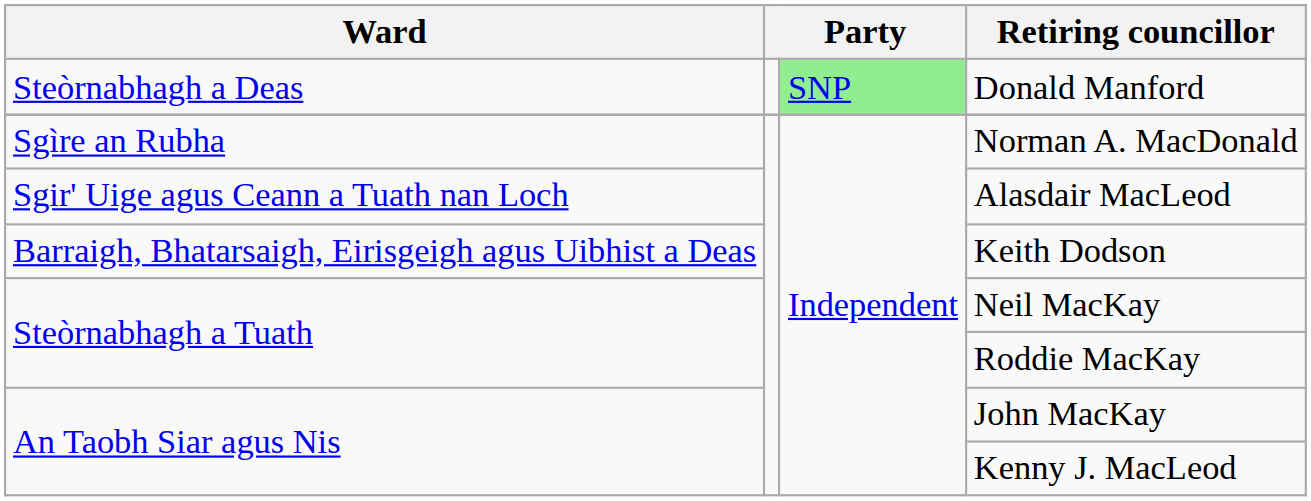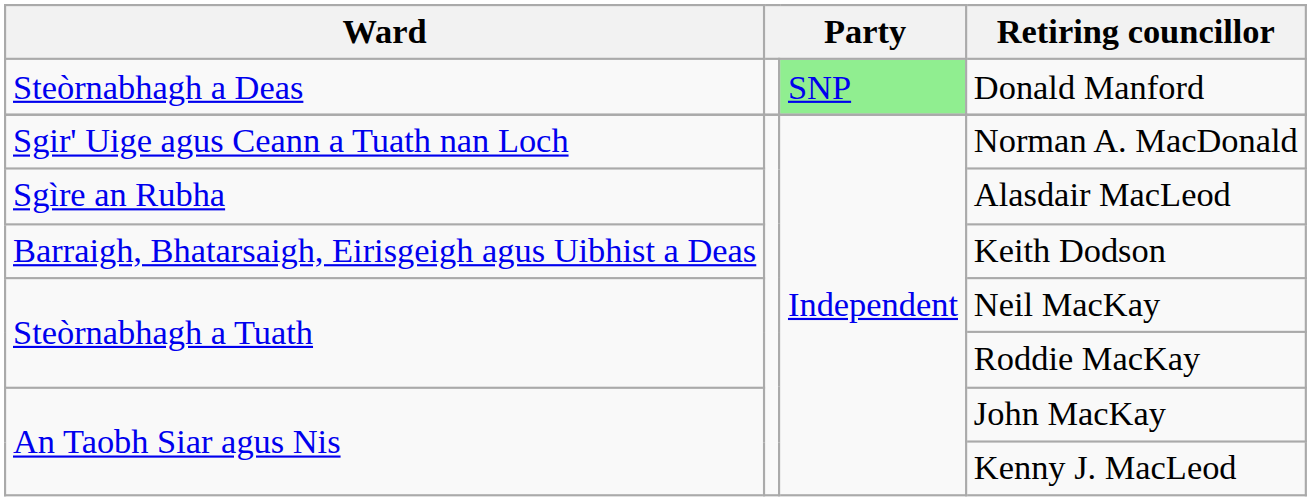 <table class="wikitable sortable">
 <tr>
 <th>Ward</th>
 <th colspan="2">Party</th>
 <th>Retiring councillor</th>
 </tr>
 <tr>
 <td><a href='#'>Steòrnabhagh a Deas</a></td>
 <td style="background-color: "></td>
 <td style="background: lightgreen;"><a href='#'>SNP</a></td>
 <td>Donald Manford</td>
 </tr>
 <tr>
 </tr>
 <tr>
-<td><a href='#'>Sgìre an Rubha</a></td>
+<td><a href='#'>Sgir' Uige agus Ceann a Tuath nan Loch</a></td>
 <td rowspan="7" style="background-color: "></td>
 <td rowspan="7"><a href='#'>Independent</a></td>
 <td>Norman A. MacDonald</td>
 </tr>
 <tr>
-<td><a href='#'>Sgir' Uige agus Ceann a Tuath nan Loch</a></td>
+<td><a href='#'>Sgìre an Rubha</a></td>
 <td>Alasdair MacLeod</td>
 </tr>
 <tr>
 <td><a href='#'>Barraigh, Bhatarsaigh, Eirisgeigh agus Uibhist a Deas</a></td>
 <td>Keith Dodson</td>
 </tr>
 <tr>
 <td rowspan="2"><a href='#'>Steòrnabhagh a Tuath</a></td>
 <td>Neil MacKay</td>
 </tr>
 <tr>
 <td>Roddie MacKay</td>
 </tr>
 <tr>
 <td rowspan="2"><a href='#'>An Taobh Siar agus Nis</a></td>
 <td>John MacKay</td>
 </tr>
 <tr>
 <td>Kenny J. MacLeod</td>
 </tr>
 </table>
